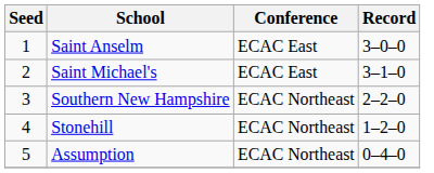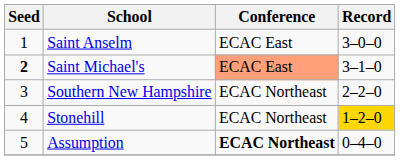 <table class="wikitable">
 <tr>
 <th>Seed</th>
 <th>School</th>
 <th>Conference</th>
 <th>Record</th>
 </tr>
 <tr>
 <td align=center>1</td>
 <td><a href='#'>Saint Anselm</a></td>
 <td>ECAC East</td>
 <td>3–0–0</td>
 </tr>
 <tr>
-<td align=center>2</td>
+<td align=center><strong>2</strong></td>
 <td><a href='#'>Saint Michael's</a></td>
-<td>ECAC East</td>
+<td style="background: lightsalmon;">ECAC East</td>
 <td>3–1–0</td>
 </tr>
 <tr>
 <td align=center>3</td>
 <td><a href='#'>Southern New Hampshire</a></td>
 <td>ECAC Northeast</td>
 <td>2–2–0</td>
 </tr>
 <tr>
 <td align=center>4</td>
 <td><a href='#'>Stonehill</a></td>
 <td>ECAC Northeast</td>
-<td>1–2–0</td>
+<td style="background: gold;">1–2–0</td>
 </tr>
 <tr>
 <td align=center>5</td>
 <td><a href='#'>Assumption</a></td>
-<td>ECAC Northeast</td>
+<td><strong>ECAC Northeast</strong></td>
 <td>0–4–0</td>
 </tr>
 <tr>
 </tr>
 </table>
